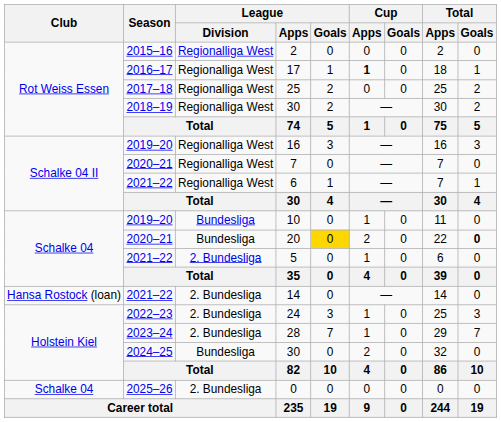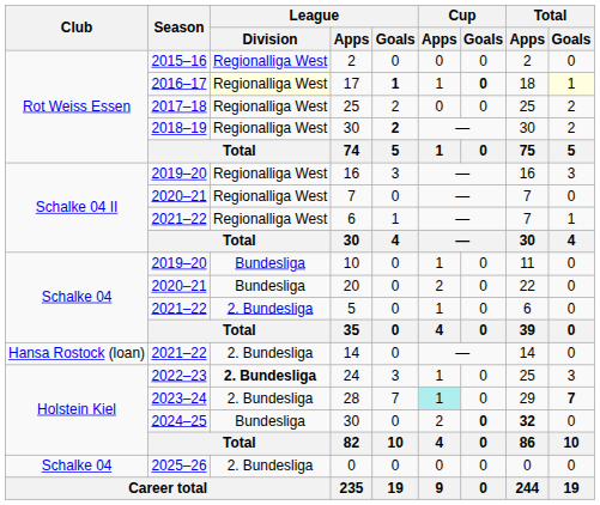 <table class="wikitable nowrap" style="text-align:center">
 <tr>
 <th rowspan="2">Club</th>
 <th rowspan="2">Season</th>
 <th colspan="3">League</th>
 <th colspan="2">Cup</th>
 <th colspan="2">Total</th>
 </tr>
 <tr>
 <th>Division</th>
 <th>Apps</th>
 <th>Goals</th>
 <th>Apps</th>
 <th>Goals</th>
 <th>Apps</th>
 <th>Goals</th>
 </tr>
 <tr>
 <td rowspan="5"><a href='#'>Rot Weiss Essen</a></td>
 <td><a href='#'>2015–16</a></td>
 <td><a href='#'>Regionalliga West</a></td>
 <td>2</td>
 <td>0</td>
 <td>0</td>
 <td>0</td>
 <td>2</td>
 <td>0</td>
 </tr>
 <tr>
 <td><a href='#'>2016–17</a></td>
-<td>Regionalliga West</td>
+<td style="background: lightyellow;">Regionalliga West</td>
 <td>17</td>
+<td><strong>1</strong></td>
 <td>1</td>
-<td><strong>1</strong></td>
-<td>0</td>
+<td><strong>0</strong></td>
 <td>18</td>
-<td>1</td>
+<td style="background: lightyellow;">1</td>
 </tr>
 <tr>
 <td><a href='#'>2017–18</a></td>
 <td>Regionalliga West</td>
 <td>25</td>
 <td>2</td>
 <td>0</td>
 <td>0</td>
 <td>25</td>
 <td>2</td>
 </tr>
 <tr>
 <td><a href='#'>2018–19</a></td>
 <td>Regionalliga West</td>
 <td>30</td>
-<td>2</td>
+<td><strong>2</strong></td>
 <td colspan="2">—</td>
 <td>30</td>
 <td>2</td>
 </tr>
 <tr>
 <th colspan="2">Total</th>
 <th>74</th>
 <th>5</th>
 <th>1</th>
 <th>0</th>
 <th>75</th>
 <th>5</th>
 </tr>
 <tr>
 <td rowspan="4"><a href='#'>Schalke 04 II</a></td>
 <td><a href='#'>2019–20</a></td>
 <td>Regionalliga West</td>
 <td>16</td>
 <td>3</td>
 <td colspan="2">—</td>
 <td>16</td>
 <td>3</td>
 </tr>
 <tr>
 <td><a href='#'>2020–21</a></td>
 <td>Regionalliga West</td>
 <td>7</td>
 <td>0</td>
 <td colspan="2">—</td>
 <td>7</td>
 <td>0</td>
 </tr>
 <tr>
 <td><a href='#'>2021–22</a></td>
 <td>Regionalliga West</td>
 <td>6</td>
 <td>1</td>
 <td colspan="2">—</td>
 <td>7</td>
 <td>1</td>
 </tr>
 <tr>
 <th colspan=2>Total</th>
 <th>30</th>
 <th>4</th>
 <th colspan=2>—</th>
 <th>30</th>
 <th>4</th>
 </tr>
 <tr>
 <td rowspan="4"><a href='#'>Schalke 04</a></td>
 <td><a href='#'>2019–20</a></td>
 <td><a href='#'>Bundesliga</a></td>
 <td>10</td>
 <td>0</td>
 <td>1</td>
 <td>0</td>
 <td>11</td>
 <td>0</td>
 </tr>
 <tr>
 <td><a href='#'>2020–21</a></td>
 <td>Bundesliga</td>
 <td>20</td>
-<td style="background: gold;">0</td>
+<td>0</td>
 <td>2</td>
 <td>0</td>
 <td>22</td>
-<td><strong>0</strong></td>
+<td>0</td>
 </tr>
 <tr>
 <td><a href='#'>2021–22</a></td>
 <td><a href='#'>2. Bundesliga</a></td>
 <td>5</td>
 <td>0</td>
 <td>1</td>
 <td>0</td>
 <td>6</td>
 <td>0</td>
 </tr>
 <tr>
 <th colspan=2>Total</th>
 <th>35</th>
 <th>0</th>
 <th>4</th>
 <th>0</th>
 <th>39</th>
 <th>0</th>
 </tr>
 <tr>
 <td><a href='#'>Hansa Rostock</a> (loan)</td>
 <td><a href='#'>2021–22</a></td>
 <td>2. Bundesliga</td>
 <td>14</td>
 <td>0</td>
 <td colspan="2">—</td>
 <td>14</td>
 <td>0</td>
 </tr>
 <tr>
 <td rowspan="4"><a href='#'>Holstein Kiel</a></td>
 <td><a href='#'>2022–23</a></td>
-<td>2. Bundesliga</td>
+<td><strong>2. Bundesliga</strong></td>
 <td>24</td>
 <td>3</td>
 <td>1</td>
 <td>0</td>
 <td>25</td>
 <td>3</td>
 </tr>
 <tr>
 <td><a href='#'>2023–24</a></td>
 <td>2. Bundesliga</td>
 <td>28</td>
 <td>7</td>
-<td>1</td>
+<td style="background: paleturquoise;">1</td>
 <td>0</td>
 <td>29</td>
-<td>7</td>
+<td><strong>7</strong></td>
 </tr>
 <tr>
 <td><a href='#'>2024–25</a></td>
 <td>Bundesliga</td>
 <td>30</td>
 <td>0</td>
 <td>2</td>
-<td>0</td>
-<td>32</td>
+<td><strong>0</strong></td>
+<td><strong>32</strong></td>
 <td>0</td>
 </tr>
 <tr>
 <th colspan=2>Total</th>
 <th>82</th>
 <th>10</th>
 <th>4</th>
 <th>0</th>
 <th>86</th>
 <th>10</th>
 </tr>
 <tr>
 <td><a href='#'>Schalke 04</a></td>
 <td><a href='#'>2025–26</a></td>
 <td>2. Bundesliga</td>
 <td>0</td>
 <td>0</td>
 <td>0</td>
 <td>0</td>
 <td>0</td>
 <td>0</td>
 </tr>
 <tr>
 <th colspan="3">Career total</th>
 <th>235</th>
 <th>19</th>
 <th>9</th>
 <th>0</th>
 <th>244</th>
 <th>19</th>
 </tr>
 </table>
